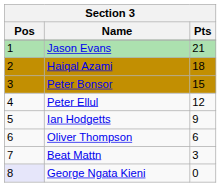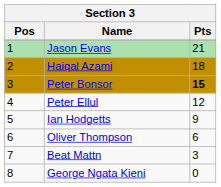 <table class="wikitable">
 <tr>
 <th colspan="6">Section 3</th>
 </tr>
 <tr>
 <th width=50>Pos</th>
 <th width=200>Name</th>
 <th width=30>Pts</th>
 </tr>
 <tr>
 </tr>
 <tr style="background:#ACE1AF;">
 <td>1</td>
 <td> <a href='#'>Jason Evans</a></td>
 <td>21</td>
 </tr>
 <tr style="background:#c28f02;">
 <td>2</td>
 <td> <a href='#'>Haiqal Azami</a></td>
 <td>18</td>
 </tr>
 <tr style="background:#c28f02;">
 <td>3</td>
 <td>  <a href='#'>Peter Bonsor</a></td>
-<td>15</td>
+<td><strong>15</strong></td>
 </tr>
 <tr>
 <td>4</td>
 <td> <a href='#'>Peter Ellul</a></td>
 <td>12</td>
 </tr>
 <tr>
 <td>5</td>
 <td> <a href='#'>Ian Hodgetts</a></td>
 <td>9</td>
 </tr>
 <tr>
 <td>6</td>
 <td> <a href='#'>Oliver Thompson</a></td>
 <td>6</td>
 </tr>
 <tr>
 <td>7</td>
 <td> <a href='#'>Beat Mattn</a></td>
 <td>3</td>
 </tr>
 <tr>
-<td style="background: lavender;">8</td>
+<td>8</td>
 <td> <a href='#'>George Ngata Kieni</a></td>
 <td>0</td>
 </tr>
 </table>
